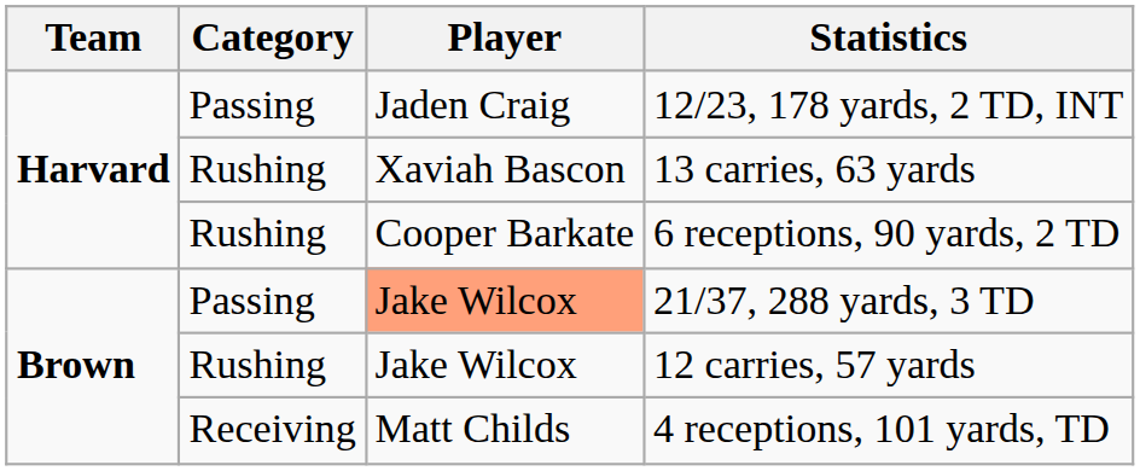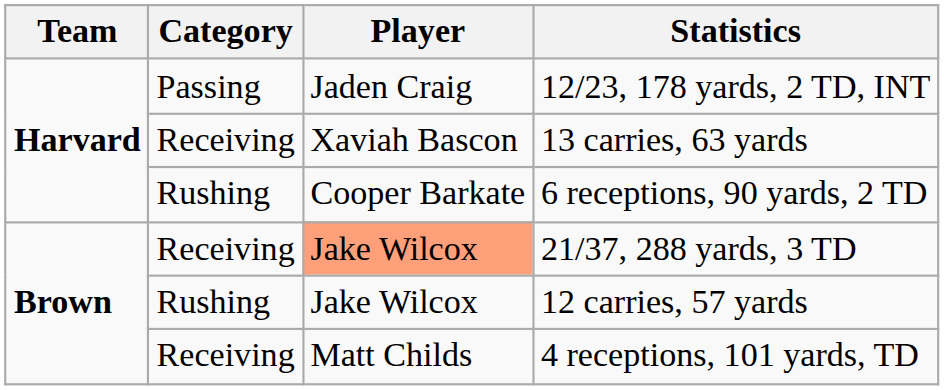 <table class="wikitable" style="float: right;">
 <tr>
 <th>Team</th>
 <th>Category</th>
 <th>Player</th>
 <th>Statistics</th>
 </tr>
 <tr>
 <td rowspan=3><strong>Harvard</strong></td>
 <td>Passing</td>
 <td>Jaden Craig</td>
 <td>12/23, 178 yards, 2 TD, INT</td>
 </tr>
 <tr>
-<td>Rushing</td>
+<td>Receiving</td>
 <td>Xaviah Bascon</td>
 <td>13 carries, 63 yards</td>
 </tr>
 <tr>
 <td>Rushing</td>
 <td>Cooper Barkate</td>
 <td>6 receptions, 90 yards, 2 TD</td>
 </tr>
 <tr>
 <td rowspan=3><strong>Brown</strong></td>
-<td>Passing</td>
+<td>Receiving</td>
 <td style="background: lightsalmon;">Jake Wilcox</td>
 <td>21/37, 288 yards, 3 TD</td>
 </tr>
 <tr>
 <td>Rushing</td>
 <td>Jake Wilcox</td>
 <td>12 carries, 57 yards</td>
 </tr>
 <tr>
 <td>Receiving</td>
 <td>Matt Childs</td>
 <td>4 receptions, 101 yards, TD</td>
 </tr>
 </table>
